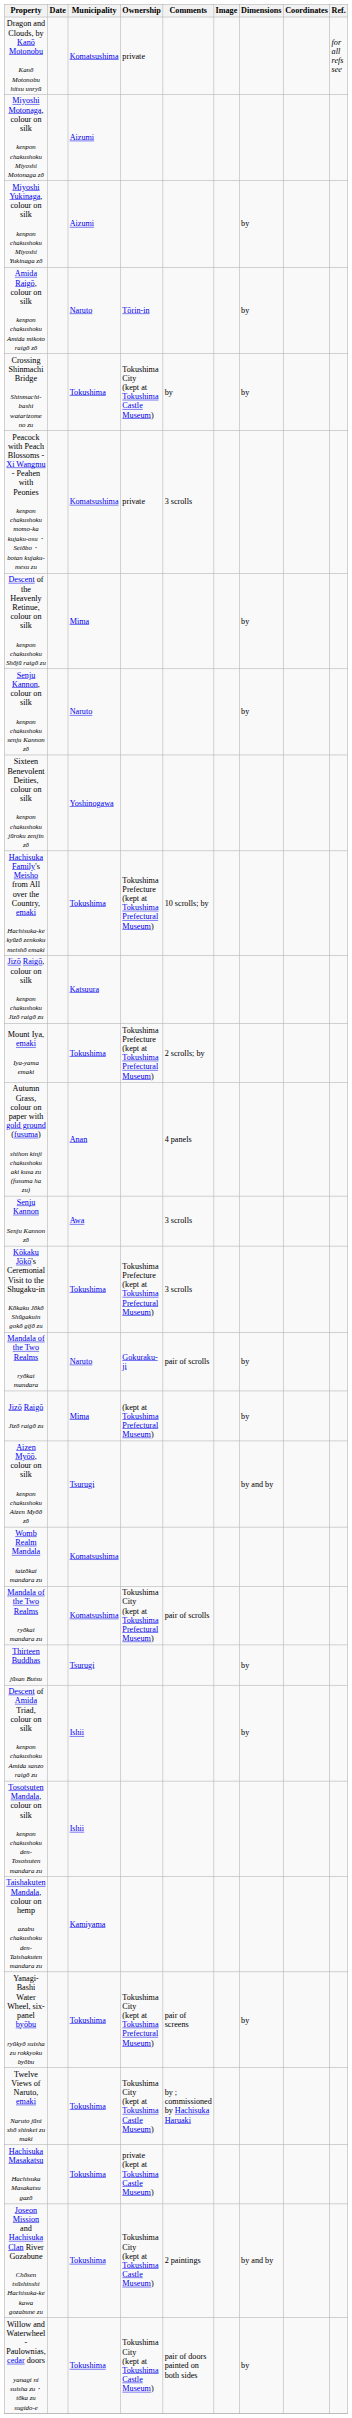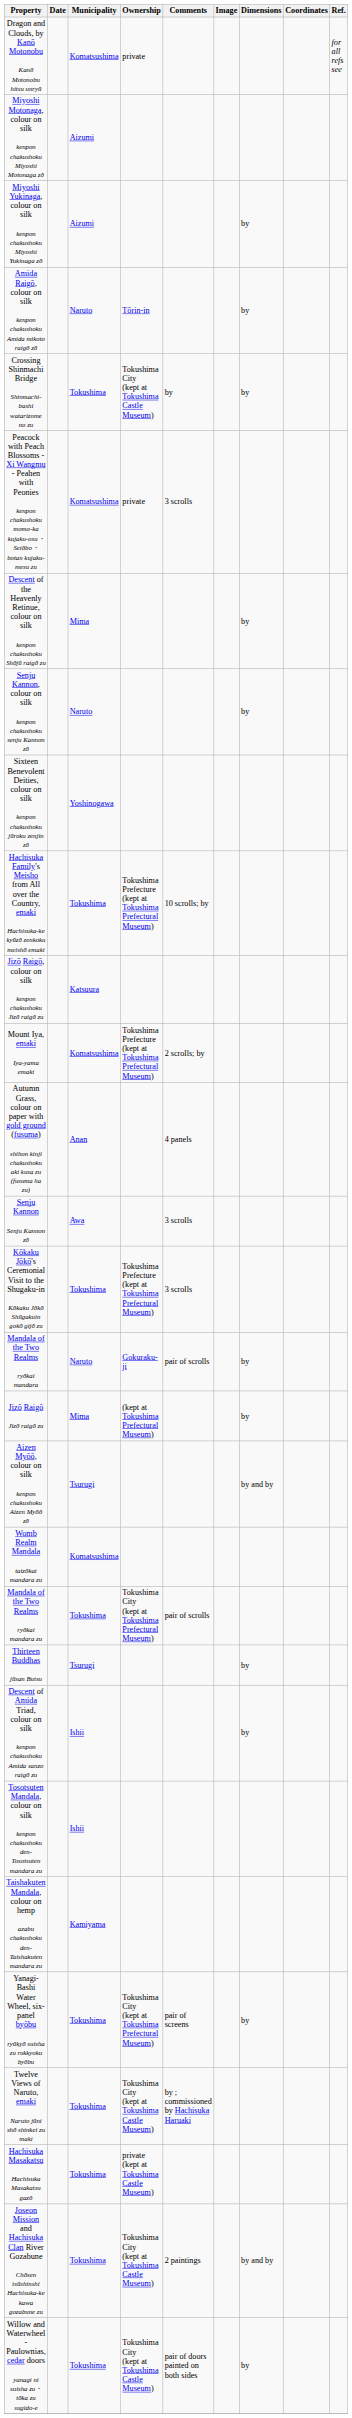 <table class="wikitable sortable"  style="width:100%;">
 <tr>
 <th width="25%" align="left">Property</th>
 <th width="5%" align="left">Date</th>
 <th width="10%" align="left">Municipality</th>
 <th width="10%" align="left">Ownership</th>
 <th width="25%" align="left" class="unsortable">Comments</th>
 <th width="10%" align="left" class="unsortable">Image</th>
 <th width="5%" align="left" class="unsortable">Dimensions</th>
 <th width="5%" align="left" class="unsortable">Coordinates</th>
 <th width="5%" align="left" class="unsortable">Ref.</th>
 </tr>
 <tr>
 <td align="center">Dragon and Clouds, by <a href='#'>Kanō Motonobu</a><br><br><small><em>Kanō Motonobu hitsu unryū</em></small></td>
 <td></td>
 <td><a href='#'>Komatsushima</a></td>
 <td>private</td>
 <td></td>
 <td></td>
 <td></td>
 <td></td>
 <td><em>for all refs see</em> </td>
 </tr>
 <tr>
 <td align="center"><a href='#'>Miyoshi Motonaga</a>, colour on silk<br><br><small><em>kenpon chakushoku Miyoshi Motonaga zō</em></small></td>
 <td></td>
 <td><a href='#'>Aizumi</a></td>
 <td></td>
 <td></td>
 <td></td>
 <td></td>
 <td></td>
 <td></td>
 </tr>
 <tr>
 <td align="center"><a href='#'>Miyoshi Yukinaga</a>, colour on silk<br><br><small><em>kenpon chakushoku Miyoshi Yukinaga zō</em></small></td>
 <td></td>
 <td><a href='#'>Aizumi</a></td>
 <td></td>
 <td></td>
 <td></td>
 <td> by </td>
 <td></td>
 <td></td>
 </tr>
 <tr>
 <td align="center"><a href='#'>Amida</a> <a href='#'>Raigō</a>, colour on silk<br><br><small><em>kenpon chakushoku Amida mikoto raigō zō</em></small></td>
 <td></td>
 <td><a href='#'>Naruto</a></td>
 <td><a href='#'>Tōrin-in</a></td>
 <td></td>
 <td></td>
 <td> by </td>
 <td></td>
 <td></td>
 </tr>
 <tr>
 <td align="center">Crossing Shinmachi Bridge<br><br><small><em>Shinmachi-bashi watarizome no zu</em></small></td>
 <td></td>
 <td><a href='#'>Tokushima</a></td>
 <td>Tokushima City<br>(kept at <a href='#'>Tokushima Castle Museum</a>)</td>
 <td>by </td>
 <td></td>
 <td> by </td>
 <td></td>
 <td></td>
 </tr>
 <tr>
 <td align="center">Peacock with Peach Blossoms - <a href='#'>Xi Wangmu</a> - Peahen with Peonies<br><br><small><em>kenpon chakushoku momo-ka kujaku-osu・Seiōbo・botan kujaku-mesu zu</em></small></td>
 <td></td>
 <td><a href='#'>Komatsushima</a></td>
 <td>private</td>
 <td>3 scrolls</td>
 <td></td>
 <td></td>
 <td></td>
 <td></td>
 </tr>
 <tr>
 <td align="center"><a href='#'>Descent</a> of the Heavenly Retinue, colour on silk<br><br><small><em>kenpon chakushoku Shōjū raigō zu</em></small></td>
 <td></td>
 <td><a href='#'>Mima</a></td>
 <td></td>
 <td></td>
 <td></td>
 <td> by </td>
 <td></td>
 <td></td>
 </tr>
 <tr>
 <td align="center"><a href='#'>Senju Kannon</a>, colour on silk<br><br><small><em>kenpon chakushoku senju Kannon zō</em></small></td>
 <td></td>
 <td><a href='#'>Naruto</a></td>
 <td></td>
 <td></td>
 <td align="center"></td>
 <td> by </td>
 <td></td>
 <td></td>
 </tr>
 <tr>
 <td align="center">Sixteen Benevolent Deities, colour on silk<br><br><small><em>kenpon chakushoku jūroku zenjin zō</em></small></td>
 <td></td>
 <td><a href='#'>Yoshinogawa</a></td>
 <td></td>
 <td></td>
 <td></td>
 <td></td>
 <td></td>
 <td></td>
 </tr>
 <tr>
 <td align="center"><a href='#'>Hachisuka Family</a>'s <a href='#'>Meisho</a> from All over the Country, <a href='#'>emaki</a><br><br><small><em>Hachisuka-ke kyūzō zenkoku meishō emaki</em></small></td>
 <td></td>
 <td><a href='#'>Tokushima</a></td>
 <td>Tokushima Prefecture<br>(kept at <a href='#'>Tokushima Prefectural Museum</a>)</td>
 <td>10 scrolls; by </td>
 <td></td>
 <td></td>
 <td></td>
 <td></td>
 </tr>
 <tr>
 <td align="center"><a href='#'>Jizō</a> <a href='#'>Raigō</a>, colour on silk<br><br><small><em>kenpon chakushoku Jizō raigō zu</em></small></td>
 <td></td>
 <td><a href='#'>Katsuura</a></td>
 <td></td>
 <td></td>
 <td></td>
 <td></td>
 <td></td>
 <td></td>
 </tr>
 <tr>
 <td align="center">Mount Iya, <a href='#'>emaki</a><br><br><small><em>Iya-yama emaki</em></small></td>
 <td></td>
-<td><a href='#'>Tokushima</a></td>
+<td><a href='#'>Komatsushima</a></td>
 <td>Tokushima Prefecture<br>(kept at <a href='#'>Tokushima Prefectural Museum</a>)</td>
 <td>2 scrolls; by </td>
 <td></td>
 <td></td>
 <td></td>
 <td></td>
 </tr>
 <tr>
 <td align="center">Autumn Grass, colour on paper with <a href='#'>gold ground</a> (<a href='#'>fusuma</a>)<br><br><small><em>shihon kinji chakushoku aki kusa zu (fusuma ha zu)</em></small></td>
 <td></td>
 <td><a href='#'>Anan</a></td>
 <td></td>
 <td>4 panels</td>
 <td></td>
 <td></td>
 <td></td>
 <td></td>
 </tr>
 <tr>
 <td align="center"><a href='#'>Senju Kannon</a><br><br><small><em>Senju Kannon zō</em></small></td>
 <td></td>
 <td><a href='#'>Awa</a></td>
 <td></td>
 <td>3 scrolls</td>
 <td></td>
 <td></td>
 <td></td>
 <td></td>
 </tr>
 <tr>
 <td align="center"><a href='#'>Kōkaku</a> <a href='#'>Jōkō</a>'s Ceremonial Visit to the Shugaku-in<br><br><small><em>Kōkaku Jōkō Shūgakuin gokō gijō zu</em></small></td>
 <td></td>
 <td><a href='#'>Tokushima</a></td>
 <td>Tokushima Prefecture<br>(kept at <a href='#'>Tokushima Prefectural Museum</a>)</td>
 <td>3 scrolls</td>
 <td></td>
 <td></td>
 <td></td>
 <td></td>
 </tr>
 <tr>
 <td align="center"><a href='#'>Mandala of the Two Realms</a><br><br><small><em>ryōkai mandara</em></small></td>
 <td></td>
 <td><a href='#'>Naruto</a></td>
 <td><a href='#'>Gokuraku-ji</a></td>
 <td>pair of scrolls</td>
 <td></td>
 <td> by </td>
 <td></td>
 <td></td>
 </tr>
 <tr>
 <td align="center"><a href='#'>Jizō</a> <a href='#'>Raigō</a><br><br><small><em>Jizō raigō zu</em></small></td>
 <td></td>
 <td><a href='#'>Mima</a></td>
 <td><br>(kept at <a href='#'>Tokushima Prefectural Museum</a>)</td>
 <td></td>
 <td></td>
 <td> by </td>
 <td></td>
 <td></td>
 </tr>
 <tr>
 <td align="center"><a href='#'>Aizen Myōō</a>, colour on silk<br><br><small><em>kenpon chakushoku Aizen Myōō zō</em></small></td>
 <td></td>
 <td><a href='#'>Tsurugi</a></td>
 <td></td>
 <td></td>
 <td align="center"></td>
 <td> by  and  by </td>
 <td></td>
 <td></td>
 </tr>
 <tr>
 <td align="center"><a href='#'>Womb Realm</a> <a href='#'>Mandala</a><br><br><small><em>taizōkai mandara zu</em></small></td>
 <td></td>
 <td><a href='#'>Komatsushima</a></td>
 <td></td>
 <td></td>
 <td></td>
 <td></td>
 <td></td>
 <td></td>
 </tr>
 <tr>
 <td align="center"><a href='#'>Mandala of the Two Realms</a><br><br><small><em>ryōkai mandara zu</em></small></td>
 <td></td>
-<td><a href='#'>Komatsushima</a></td>
+<td><a href='#'>Tokushima</a></td>
 <td>Tokushima City<br>(kept at <a href='#'>Tokushima Prefectural Museum</a>)</td>
 <td>pair of scrolls</td>
 <td></td>
 <td></td>
 <td></td>
 <td></td>
 </tr>
 <tr>
 <td align="center"><a href='#'>Thirteen Buddhas</a><br><br><small><em>jūsan Butsu</em></small></td>
 <td></td>
 <td><a href='#'>Tsurugi</a></td>
 <td></td>
 <td></td>
 <td align="center"></td>
 <td> by </td>
 <td></td>
 <td></td>
 </tr>
 <tr>
 <td align="center"><a href='#'>Descent</a> of <a href='#'>Amida</a> Triad, colour on silk<br><br><small><em>kenpon chakushoku Amida sanzo raigō zu</em></small></td>
 <td></td>
 <td><a href='#'>Ishii</a></td>
 <td></td>
 <td></td>
 <td></td>
 <td> by </td>
 <td></td>
 <td></td>
 </tr>
 <tr>
 <td align="center"><a href='#'>Tosotsuten</a> <a href='#'>Mandala</a>, colour on silk<br><br><small><em>kenpon chakushoku den-Tosotsuten mandara zu</em></small></td>
 <td></td>
 <td><a href='#'>Ishii</a></td>
 <td></td>
 <td></td>
 <td></td>
 <td></td>
 <td></td>
 <td></td>
 </tr>
 <tr>
 <td align="center"><a href='#'>Taishakuten</a> <a href='#'>Mandala</a>, colour on hemp<br><br><small><em>azabu chakushoku den-Taishakuten mandara zu</em></small></td>
 <td></td>
 <td><a href='#'>Kamiyama</a></td>
 <td></td>
 <td></td>
 <td></td>
 <td></td>
 <td></td>
 <td></td>
 </tr>
 <tr>
 <td align="center">Yanagi-Bashi Water Wheel, six-panel <a href='#'>byōbu</a><br><br><small><em>ryūkyō suisha zu rokkyoku byōbu</em></small></td>
 <td></td>
 <td><a href='#'>Tokushima</a></td>
 <td>Tokushima City<br>(kept at <a href='#'>Tokushima Prefectural Museum</a>)</td>
 <td>pair of screens</td>
 <td></td>
 <td> by </td>
 <td></td>
 <td></td>
 </tr>
 <tr>
 <td align="center">Twelve Views of Naruto, <a href='#'>emaki</a><br><br><small><em>Naruto jūni shō shinkei zu maki</em></small></td>
 <td></td>
 <td><a href='#'>Tokushima</a></td>
 <td>Tokushima City<br>(kept at <a href='#'>Tokushima Castle Museum</a>)</td>
 <td>by ; commissioned by <a href='#'>Hachisuka Haruaki</a></td>
 <td></td>
 <td></td>
 <td></td>
 <td></td>
 </tr>
 <tr>
 <td align="center"><a href='#'>Hachisuka Masakatsu</a><br><br><small><em>Hachisuka Masakatsu gazō</em></small></td>
 <td></td>
 <td><a href='#'>Tokushima</a></td>
 <td>private<br>(kept at <a href='#'>Tokushima Castle Museum</a>)</td>
 <td></td>
 <td align="center"></td>
 <td></td>
 <td></td>
 <td></td>
 </tr>
 <tr>
 <td align="center"><a href='#'>Joseon Mission</a> and <a href='#'>Hachisuka Clan</a> River Gozabune<br><br><small><em>Chōsen tsūshinshi Hachisuka-ke kawa gozabune zu</em></small></td>
 <td></td>
 <td><a href='#'>Tokushima</a></td>
 <td>Tokushima City<br>(kept at <a href='#'>Tokushima Castle Museum</a>)</td>
 <td>2 paintings</td>
 <td> </td>
 <td> by  and  by </td>
 <td></td>
 <td></td>
 </tr>
 <tr>
 <td align="center">Willow and Waterwheel - Paulownias, <a href='#'>cedar</a> doors<br><br><small><em>yanagi ni suisha zu・tōka zu sugido-e</em></small></td>
 <td></td>
 <td><a href='#'>Tokushima</a></td>
 <td>Tokushima City<br>(kept at <a href='#'>Tokushima Castle Museum</a>)</td>
 <td>pair of doors painted on both sides</td>
 <td> </td>
 <td> by </td>
 <td></td>
 <td></td>
 </tr>
 <tr>
 </tr>
 </table>
